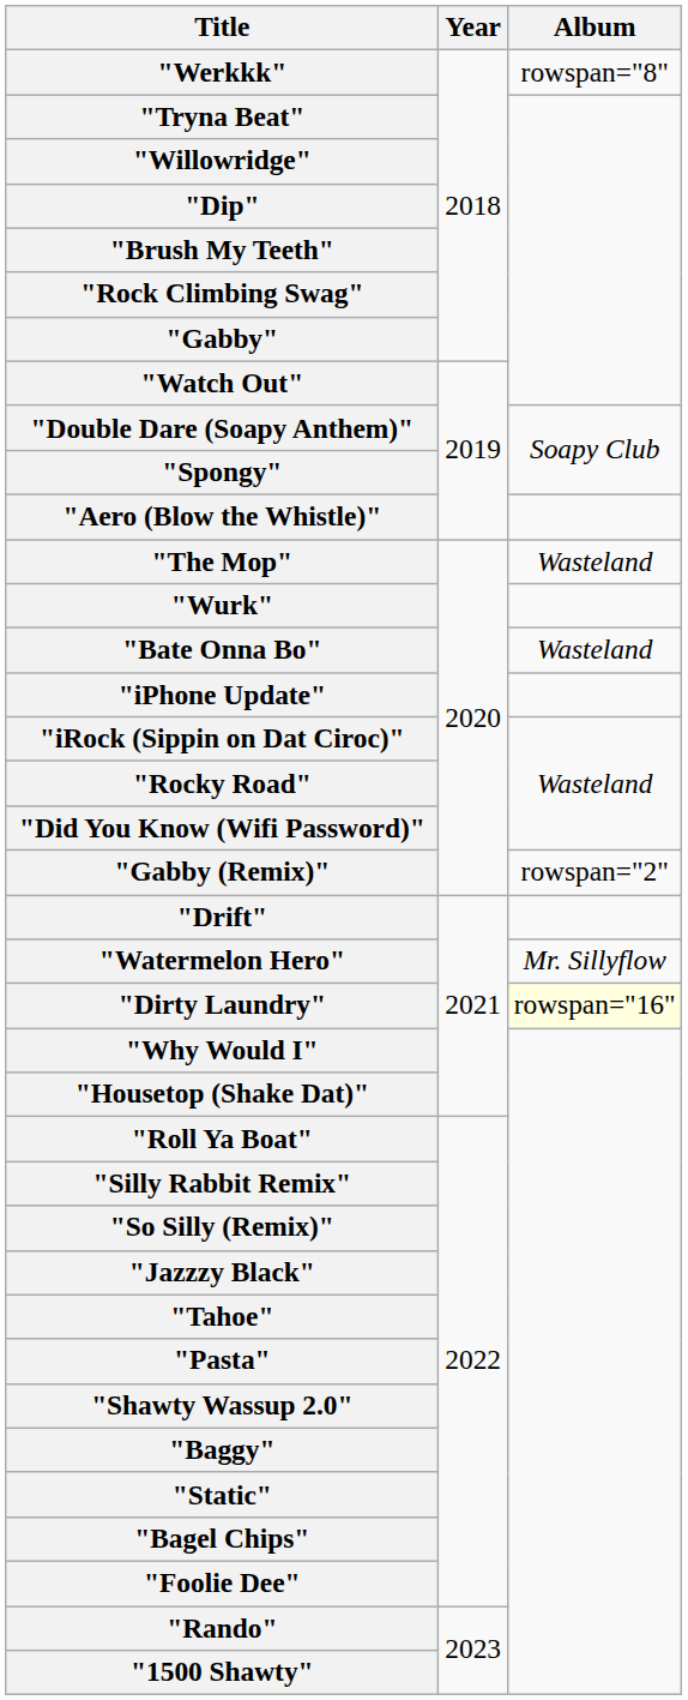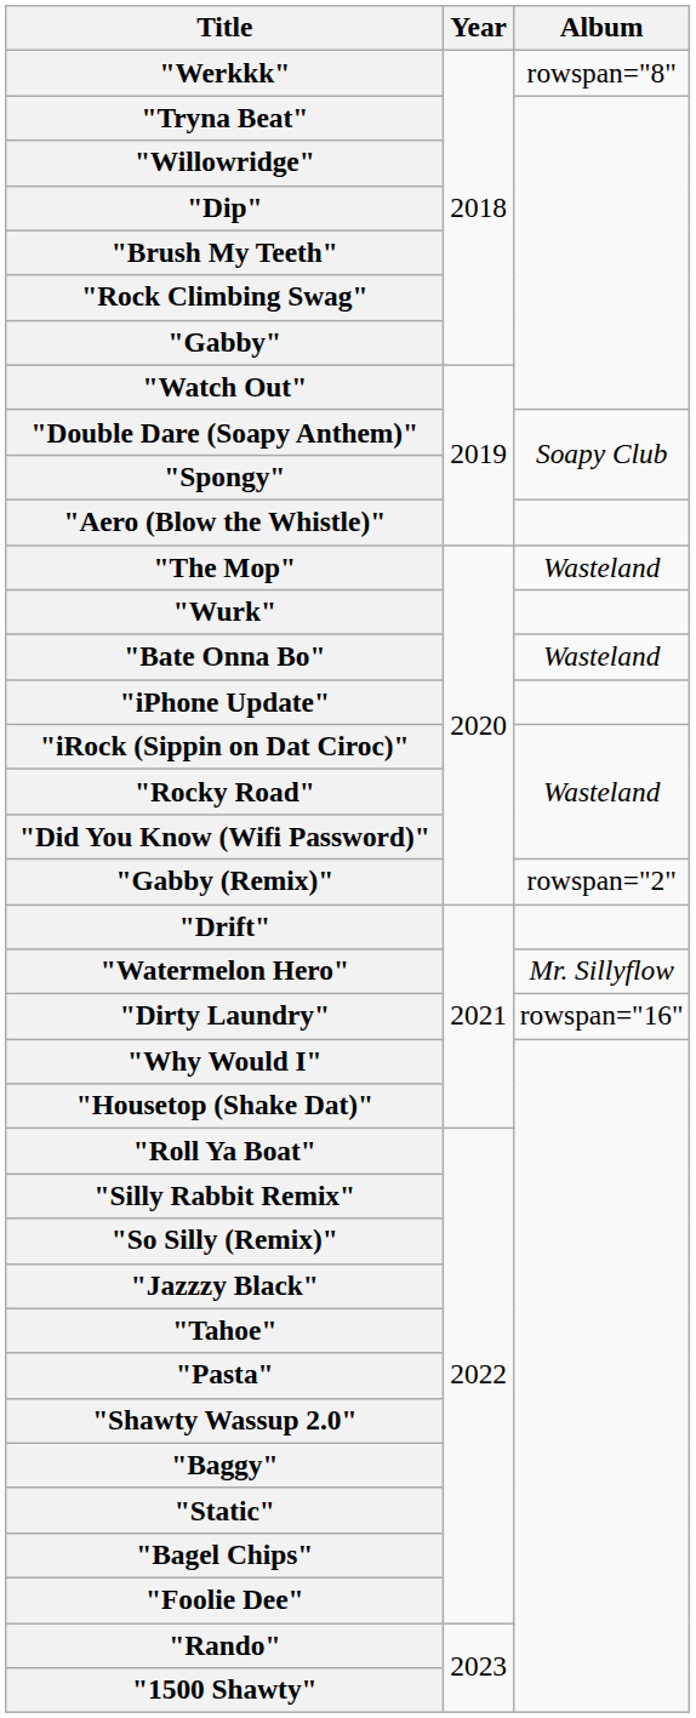 <table class="wikitable plainrowheaders" style="text-align:center;">
 <tr>
 <th scope="col" style="width:15em;">Title</th>
 <th scope="col">Year</th>
 <th scope="col">Album</th>
 </tr>
 <tr>
 <th scope="row">"Werkkk"</th>
 <td rowspan="7">2018</td>
 <td>rowspan="8" </td>
 </tr>
 <tr>
 <th scope="row">"Tryna Beat"</th>
 </tr>
 <tr>
 <th scope="row">"Willowridge"</th>
 </tr>
 <tr>
 <th scope="row">"Dip"</th>
 </tr>
 <tr>
 <th scope="row">"Brush My Teeth"</th>
 </tr>
 <tr>
 <th scope="row">"Rock Climbing Swag"</th>
 </tr>
 <tr>
 <th scope="row">"Gabby"</th>
 </tr>
 <tr>
 <th scope="row">"Watch Out"</th>
 <td rowspan="4">2019</td>
 </tr>
 <tr>
 <th scope="row">"Double Dare (Soapy Anthem)"</th>
 <td rowspan="2"><em>Soapy Club</em></td>
 </tr>
 <tr>
 <th scope="row">"Spongy"</th>
 </tr>
 <tr>
 <th scope="row">"Aero (Blow the Whistle)"</th>
 <td></td>
 </tr>
 <tr>
 <th scope="row">"The Mop"<br></th>
 <td rowspan="8">2020</td>
 <td><em>Wasteland</em></td>
 </tr>
 <tr>
 <th scope="row">"Wurk"</th>
 <td></td>
 </tr>
 <tr>
 <th scope="row">"Bate Onna Bo"</th>
 <td><em>Wasteland</em></td>
 </tr>
 <tr>
 <th scope="row">"iPhone Update"</th>
 <td></td>
 </tr>
 <tr>
 <th scope="row">"iRock (Sippin on Dat Ciroc)"<br></th>
 <td rowspan="3"><em>Wasteland</em></td>
 </tr>
 <tr>
 <th scope="row">"Rocky Road"<br></th>
 </tr>
 <tr>
 <th scope="row">"Did You Know (Wifi Password)"</th>
 </tr>
 <tr>
 <th scope="row">"Gabby (Remix)"<br></th>
 <td>rowspan="2" </td>
 </tr>
 <tr>
 <th scope="row">"Drift"<br></th>
 <td rowspan="5">2021</td>
 </tr>
 <tr>
 <th scope="row">"Watermelon Hero"</th>
 <td><em>Mr. Sillyflow</em></td>
 </tr>
 <tr>
 <th scope="row">"Dirty Laundry"</th>
-<td style="background: lightyellow;">rowspan="16" </td>
+<td>rowspan="16" </td>
 </tr>
 <tr>
 <th scope="row">"Why Would I"<br></th>
 </tr>
 <tr>
 <th scope="row">"Housetop (Shake Dat)"</th>
 </tr>
 <tr>
 <th scope="row">"Roll Ya Boat"<br></th>
 <td rowspan="11">2022</td>
 </tr>
 <tr>
 <th scope="row">"Silly Rabbit Remix"</th>
 </tr>
 <tr>
 <th scope="row">"So Silly (Remix)" <br></th>
 </tr>
 <tr>
 <th scope="row">"Jazzzy Black" <br></th>
 </tr>
 <tr>
 <th scope="row">"Tahoe"</th>
 </tr>
 <tr>
 <th scope="row">"Pasta" <br></th>
 </tr>
 <tr>
 <th scope="row">"Shawty Wassup 2.0" <br></th>
 </tr>
 <tr>
 <th scope="row">"Baggy"</th>
 </tr>
 <tr>
 <th scope="row">"Static"<br></th>
 </tr>
 <tr>
 <th scope="row">"Bagel Chips"</th>
 </tr>
 <tr>
 <th scope="row">"Foolie Dee"</th>
 </tr>
 <tr>
 <th scope="row">"Rando"</th>
 <td rowspan="2">2023</td>
 </tr>
 <tr>
 <th scope="row">"1500 Shawty"</th>
 </tr>
 </table>
